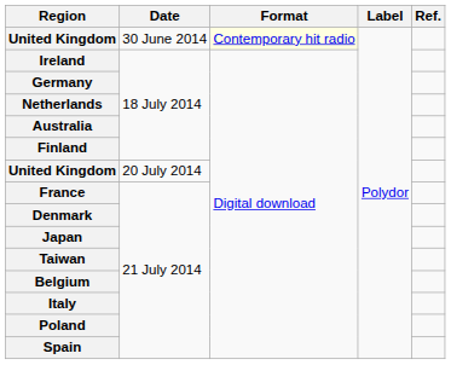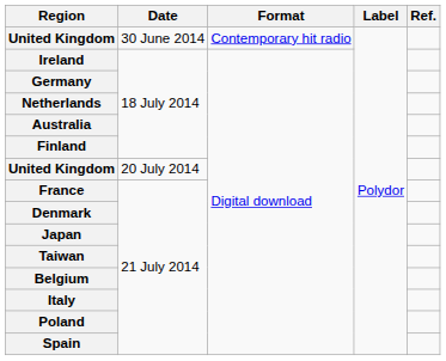 <table class="wikitable plainrowheaders">
 <tr>
 <th scope="col">Region</th>
 <th scope="col">Date</th>
 <th scope="col">Format</th>
 <th scope="col">Label</th>
 <th scope="col">Ref.</th>
 </tr>
 <tr>
 <th scope="row">United Kingdom</th>
 <td>30 June 2014</td>
-<td style="background: lightyellow;"><a href='#'>Contemporary hit radio</a></td>
+<td><a href='#'>Contemporary hit radio</a></td>
 <td rowspan="15"><a href='#'>Polydor</a></td>
 <td align=center></td>
 </tr>
 <tr>
 <th scope="row">Ireland</th>
 <td rowspan="5">18 July 2014</td>
 <td rowspan="14"><a href='#'>Digital download</a></td>
 <td align=center></td>
 </tr>
 <tr>
 <th scope="row">Germany</th>
 <td align=center></td>
 </tr>
 <tr>
 <th scope="row">Netherlands</th>
 <td align=center></td>
 </tr>
 <tr>
 <th scope="row">Australia</th>
 <td align=center></td>
 </tr>
 <tr>
 <th scope="row">Finland</th>
 <td align=center></td>
 </tr>
 <tr>
 <th scope="row">United Kingdom</th>
 <td>20 July 2014</td>
 <td align=center></td>
 </tr>
 <tr>
 <th scope="row">France</th>
 <td rowspan="8">21 July 2014</td>
 <td align=center></td>
 </tr>
 <tr>
 <th scope="row">Denmark</th>
 <td align=center></td>
 </tr>
 <tr>
 <th scope="row">Japan</th>
 <td align=center></td>
 </tr>
 <tr>
 <th scope="row">Taiwan</th>
 <td align=center></td>
 </tr>
 <tr>
 <th scope="row">Belgium</th>
 <td align=center></td>
 </tr>
 <tr>
 <th scope="row">Italy</th>
 <td align=center></td>
 </tr>
 <tr>
 <th scope="row">Poland</th>
 <td align=center></td>
 </tr>
 <tr>
 <th scope="row">Spain</th>
 <td align=center></td>
 </tr>
 </table>
